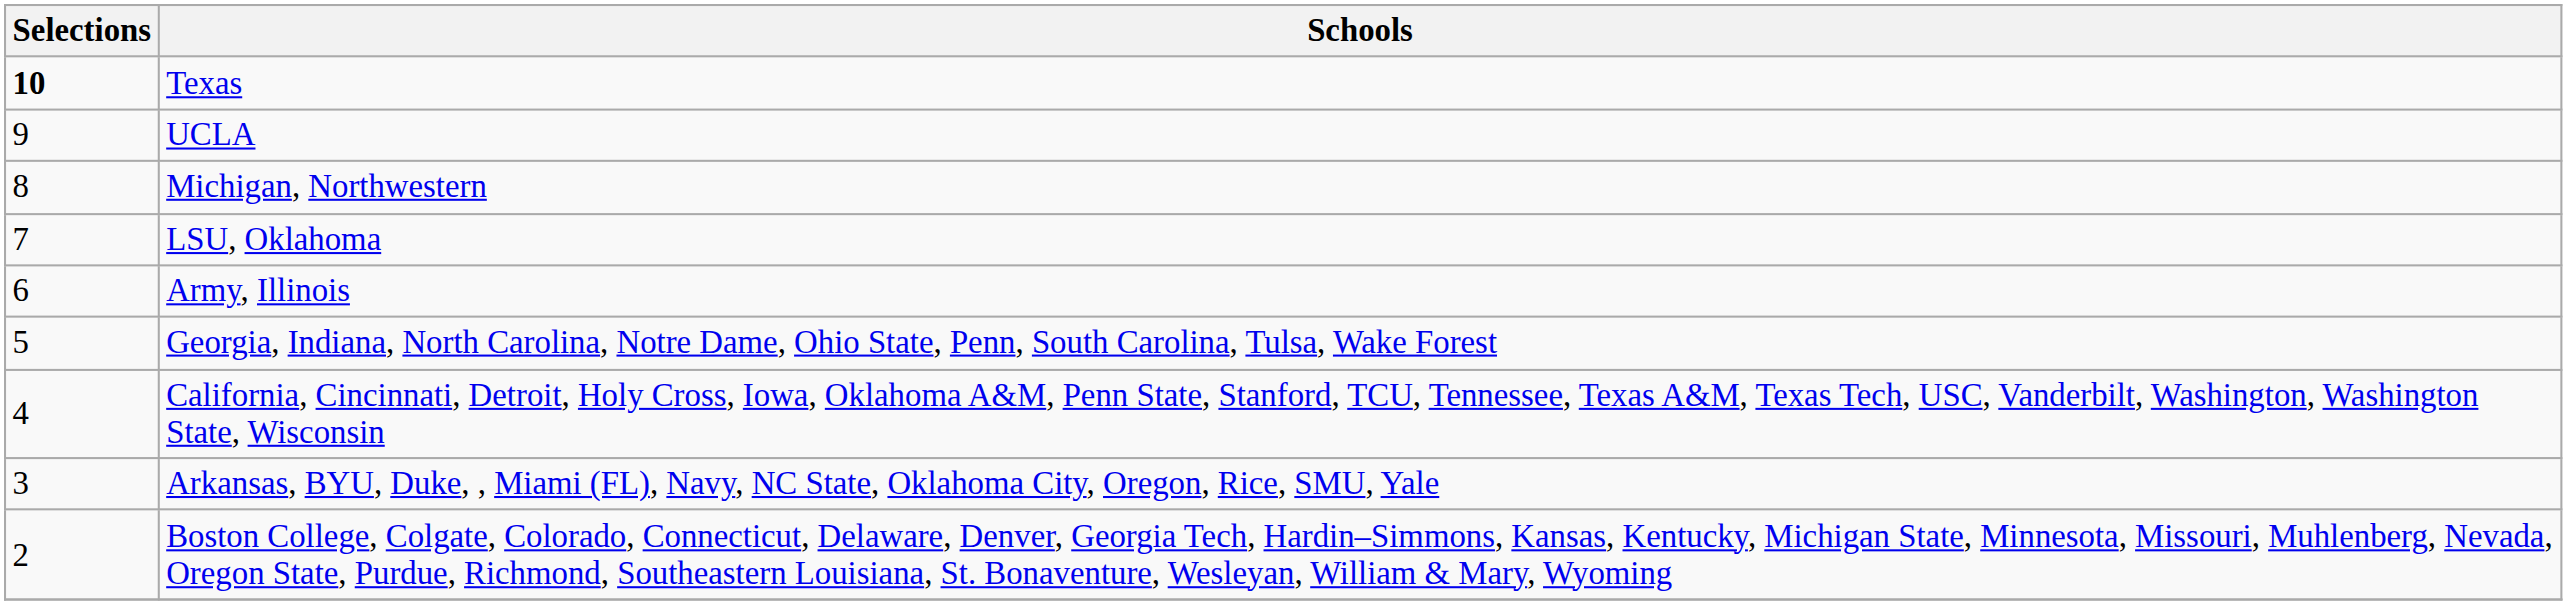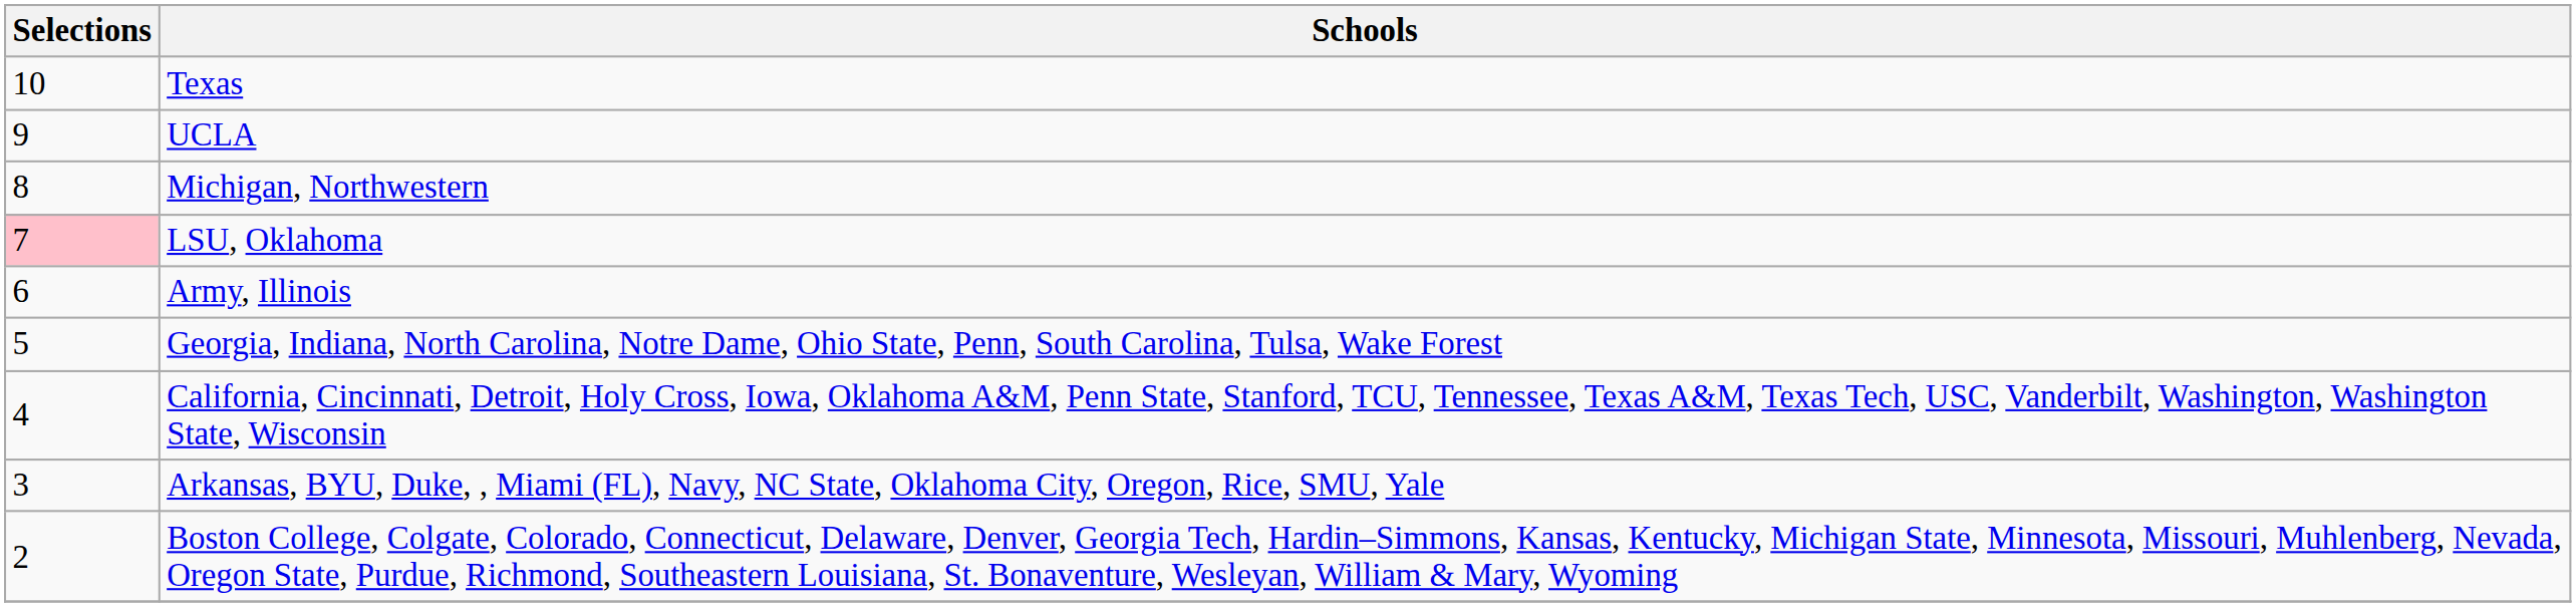 <table class="wikitable sortable">
 <tr>
 <th>Selections</th>
 <th class="unsortable">Schools</th>
 </tr>
 <tr>
-<td><strong>10</strong></td>
+<td>10</td>
 <td><a href='#'>Texas</a></td>
 </tr>
 <tr>
 <td>9</td>
 <td><a href='#'>UCLA</a></td>
 </tr>
 <tr>
 <td>8</td>
 <td><a href='#'>Michigan</a>, <a href='#'>Northwestern</a></td>
 </tr>
 <tr>
-<td>7</td>
+<td style="background: pink;">7</td>
 <td><a href='#'>LSU</a>, <a href='#'>Oklahoma</a></td>
 </tr>
 <tr>
 <td>6</td>
 <td><a href='#'>Army</a>, <a href='#'>Illinois</a></td>
 </tr>
 <tr>
 <td>5</td>
 <td><a href='#'>Georgia</a>, <a href='#'>Indiana</a>, <a href='#'>North Carolina</a>, <a href='#'>Notre Dame</a>, <a href='#'>Ohio State</a>, <a href='#'>Penn</a>, <a href='#'>South Carolina</a>, <a href='#'>Tulsa</a>, <a href='#'>Wake Forest</a></td>
 </tr>
 <tr>
 <td>4</td>
 <td><a href='#'>California</a>, <a href='#'>Cincinnati</a>, <a href='#'>Detroit</a>, <a href='#'>Holy Cross</a>, <a href='#'>Iowa</a>, <a href='#'>Oklahoma A&M</a>, <a href='#'>Penn State</a>, <a href='#'>Stanford</a>, <a href='#'>TCU</a>, <a href='#'>Tennessee</a>, <a href='#'>Texas A&M</a>, <a href='#'>Texas Tech</a>, <a href='#'>USC</a>, <a href='#'>Vanderbilt</a>, <a href='#'>Washington</a>, <a href='#'>Washington State</a>, <a href='#'>Wisconsin</a></td>
 </tr>
 <tr>
 <td>3</td>
 <td><a href='#'>Arkansas</a>, <a href='#'>BYU</a>, <a href='#'>Duke</a>, , <a href='#'>Miami (FL)</a>, <a href='#'>Navy</a>, <a href='#'>NC State</a>, <a href='#'>Oklahoma City</a>, <a href='#'>Oregon</a>, <a href='#'>Rice</a>, <a href='#'>SMU</a>, <a href='#'>Yale</a></td>
 </tr>
 <tr>
 <td>2</td>
 <td><a href='#'>Boston College</a>, <a href='#'>Colgate</a>, <a href='#'>Colorado</a>, <a href='#'>Connecticut</a>, <a href='#'>Delaware</a>, <a href='#'>Denver</a>, <a href='#'>Georgia Tech</a>, <a href='#'>Hardin–Simmons</a>, <a href='#'>Kansas</a>, <a href='#'>Kentucky</a>, <a href='#'>Michigan State</a>, <a href='#'>Minnesota</a>, <a href='#'>Missouri</a>, <a href='#'>Muhlenberg</a>, <a href='#'>Nevada</a>, <a href='#'>Oregon State</a>, <a href='#'>Purdue</a>, <a href='#'>Richmond</a>, <a href='#'>Southeastern Louisiana</a>, <a href='#'>St. Bonaventure</a>, <a href='#'>Wesleyan</a>, <a href='#'>William & Mary</a>, <a href='#'>Wyoming</a></td>
 </tr>
 <tr>
 </tr>
 </table>
